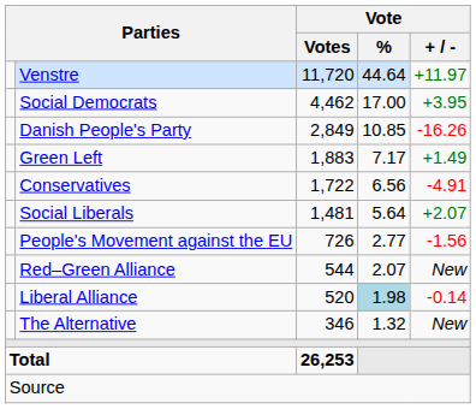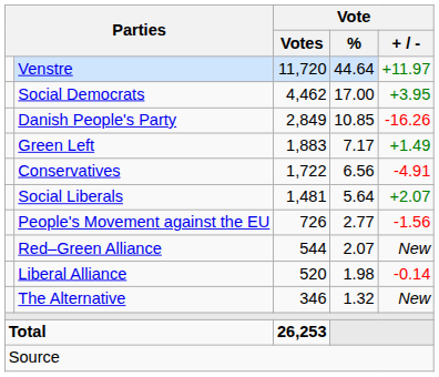 <table class="wikitable" style="text-align:right;">
 <tr>
 <th style="text-align:centre;" rowspan="2" colspan="2" width="225">Parties</th>
 <th colspan="3">Vote</th>
 </tr>
 <tr>
 <th width="15">Votes</th>
 <th width="15">%</th>
 <th width="15">+ / -</th>
 </tr>
 <tr>
 <td width="2" style="color:inherit;background:"></td>
 <td bgcolor=#cfe5fe   align="left"><a href='#'>Venstre</a></td>
 <td bgcolor=#cfe5fe>11,720</td>
 <td bgcolor=#cfe5fe>44.64</td>
 <td style=color:green;>+11.97</td>
 </tr>
 <tr>
 <td width="2" style="color:inherit;background:"></td>
 <td align="left"><a href='#'>Social Democrats</a></td>
 <td>4,462</td>
 <td>17.00</td>
 <td style=color:green;>+3.95</td>
 </tr>
 <tr>
 <td width="2" style="color:inherit;background:"></td>
 <td align="left"><a href='#'>Danish People's Party</a></td>
 <td>2,849</td>
 <td>10.85</td>
 <td style=color:red;>-16.26</td>
 </tr>
 <tr>
 <td width="2" style="color:inherit;background:"></td>
 <td align="left"><a href='#'>Green Left</a></td>
 <td>1,883</td>
 <td>7.17</td>
 <td style=color:green;>+1.49</td>
 </tr>
 <tr>
 <td width="2" style="color:inherit;background:"></td>
 <td align="left"><a href='#'>Conservatives</a></td>
 <td>1,722</td>
 <td>6.56</td>
 <td style=color:red;>-4.91</td>
 </tr>
 <tr>
 <td width="2" style="color:inherit;background:"></td>
 <td align="left"><a href='#'>Social Liberals</a></td>
 <td>1,481</td>
 <td>5.64</td>
 <td style=color:green;>+2.07</td>
 </tr>
 <tr>
 <td width="2" style="color:inherit;background:"></td>
 <td align="left"><a href='#'>People's Movement against the EU</a></td>
 <td>726</td>
 <td>2.77</td>
 <td style=color:red;>-1.56</td>
 </tr>
 <tr>
 <td width="2" style="color:inherit;background:"></td>
 <td align="left"><a href='#'>Red–Green Alliance</a></td>
 <td>544</td>
 <td>2.07</td>
 <td><em>New</em></td>
 </tr>
 <tr>
 <td width="2" style="color:inherit;background:"></td>
 <td align="left"><a href='#'>Liberal Alliance</a></td>
 <td>520</td>
-<td style="background: lightblue;">1.98</td>
+<td>1.98</td>
 <td style=color:red;>-0.14</td>
 </tr>
 <tr>
 <td width="2" style="color:inherit;background:"></td>
 <td align="left"><a href='#'>The Alternative</a></td>
 <td>346</td>
 <td>1.32</td>
 <td><em>New</em></td>
 </tr>
 <tr>
 <td colspan="7" bgcolor="#E9E9E9"></td>
 </tr>
 <tr>
 <td align="left" colspan="2"><strong>Total</strong></td>
 <td><strong>26,253</strong></td>
 <td bgcolor="#E9E9E9" colspan="2"></td>
 </tr>
 <tr>
 <td align="left" colspan="6">Source</td>
 </tr>
 </table>
